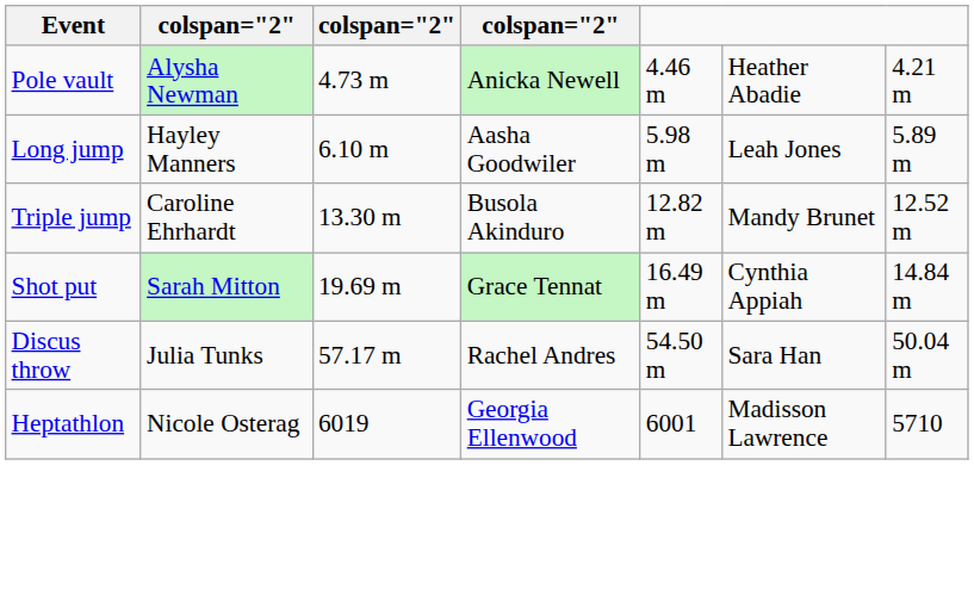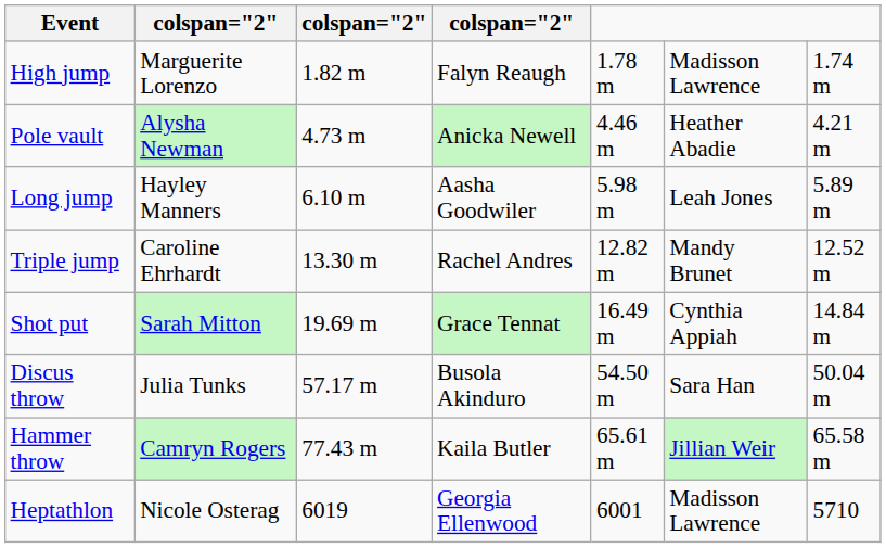 <table class="wikitable">
 <tr>
 <th>Event</th>
 <th>colspan="2" </th>
 <th>colspan="2" </th>
 <th>colspan="2" </th>
+</tr>
+<tr>
+<td><a href='#'>High jump</a></td>
+<td>Marguerite Lorenzo</td>
+<td>1.82 m</td>
+<td>Falyn Reaugh</td>
+<td>1.78 m</td>
+<td>Madisson Lawrence</td>
+<td>1.74 m</td>
 </tr>
 <tr>
 <td><a href='#'>Pole vault</a></td>
 <td bgcolor=#C4F7C4><a href='#'>Alysha Newman</a></td>
 <td>4.73 m</td>
 <td bgcolor=#C4F7C4>Anicka Newell</td>
 <td>4.46 m</td>
 <td>Heather Abadie</td>
 <td>4.21 m</td>
 </tr>
 <tr>
 <td><a href='#'>Long jump</a></td>
 <td>Hayley Manners</td>
 <td>6.10 m</td>
 <td>Aasha Goodwiler</td>
 <td>5.98 m</td>
 <td>Leah Jones</td>
 <td>5.89 m</td>
 </tr>
 <tr>
 <td><a href='#'>Triple jump</a></td>
 <td>Caroline Ehrhardt</td>
 <td>13.30 m</td>
-<td>Busola Akinduro</td>
+<td>Rachel Andres</td>
 <td>12.82 m</td>
 <td>Mandy Brunet</td>
 <td>12.52 m</td>
 </tr>
 <tr>
 <td><a href='#'>Shot put</a></td>
 <td bgcolor=#C4F7C4><a href='#'>Sarah Mitton</a></td>
 <td>19.69 m</td>
 <td bgcolor=#C4F7C4>Grace Tennat</td>
 <td>16.49 m</td>
 <td>Cynthia Appiah</td>
 <td>14.84 m</td>
 </tr>
 <tr>
 <td><a href='#'>Discus throw</a></td>
 <td>Julia Tunks</td>
 <td>57.17 m</td>
-<td>Rachel Andres</td>
+<td>Busola Akinduro</td>
 <td>54.50 m</td>
 <td>Sara Han</td>
 <td>50.04 m</td>
+</tr>
+<tr>
+<td><a href='#'>Hammer throw</a></td>
+<td bgcolor=#C4F7C4><a href='#'>Camryn Rogers</a></td>
+<td>77.43 m</td>
+<td>Kaila Butler</td>
+<td>65.61 m</td>
+<td bgcolor=#C4F7C4><a href='#'>Jillian Weir</a></td>
+<td>65.58 m</td>
 </tr>
 <tr>
 <td><a href='#'>Heptathlon</a></td>
 <td>Nicole Osterag</td>
 <td>6019</td>
 <td><a href='#'>Georgia Ellenwood</a></td>
 <td>6001</td>
 <td>Madisson Lawrence</td>
 <td>5710</td>
 </tr>
 </table>
